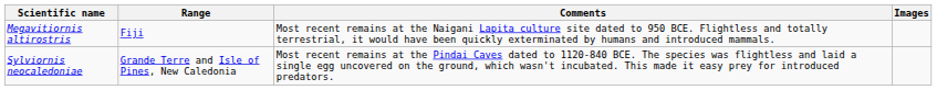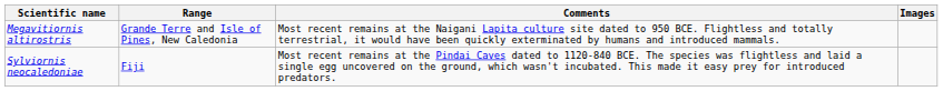 <table class="wikitable">
 <tr>
 <th>Scientific name</th>
 <th>Range</th>
 <th class="unsortable">Comments</th>
 <th class="unsortable">Images</th>
 </tr>
 <tr>
 <td><em><a href='#'>Megavitiornis altirostris</a></em></td>
-<td><a href='#'>Fiji</a></td>
+<td><a href='#'>Grande Terre</a> and <a href='#'>Isle of Pines</a>, New Caledonia</td>
 <td>Most recent remains at the Naigani <a href='#'>Lapita culture</a> site dated to 950 BCE. Flightless and totally terrestrial, it would have been quickly exterminated by humans and introduced mammals.</td>
 <td></td>
 </tr>
 <tr>
 <td><em><a href='#'>Sylviornis neocaledoniae</a></em></td>
-<td><a href='#'>Grande Terre</a> and <a href='#'>Isle of Pines</a>, New Caledonia</td>
+<td><a href='#'>Fiji</a></td>
 <td>Most recent remains at the <a href='#'>Pindai Caves</a> dated to 1120-840 BCE. The species was flightless and laid a single egg uncovered on the ground, which wasn't incubated. This made it easy prey for introduced predators.</td>
 <td></td>
 </tr>
 </table>
